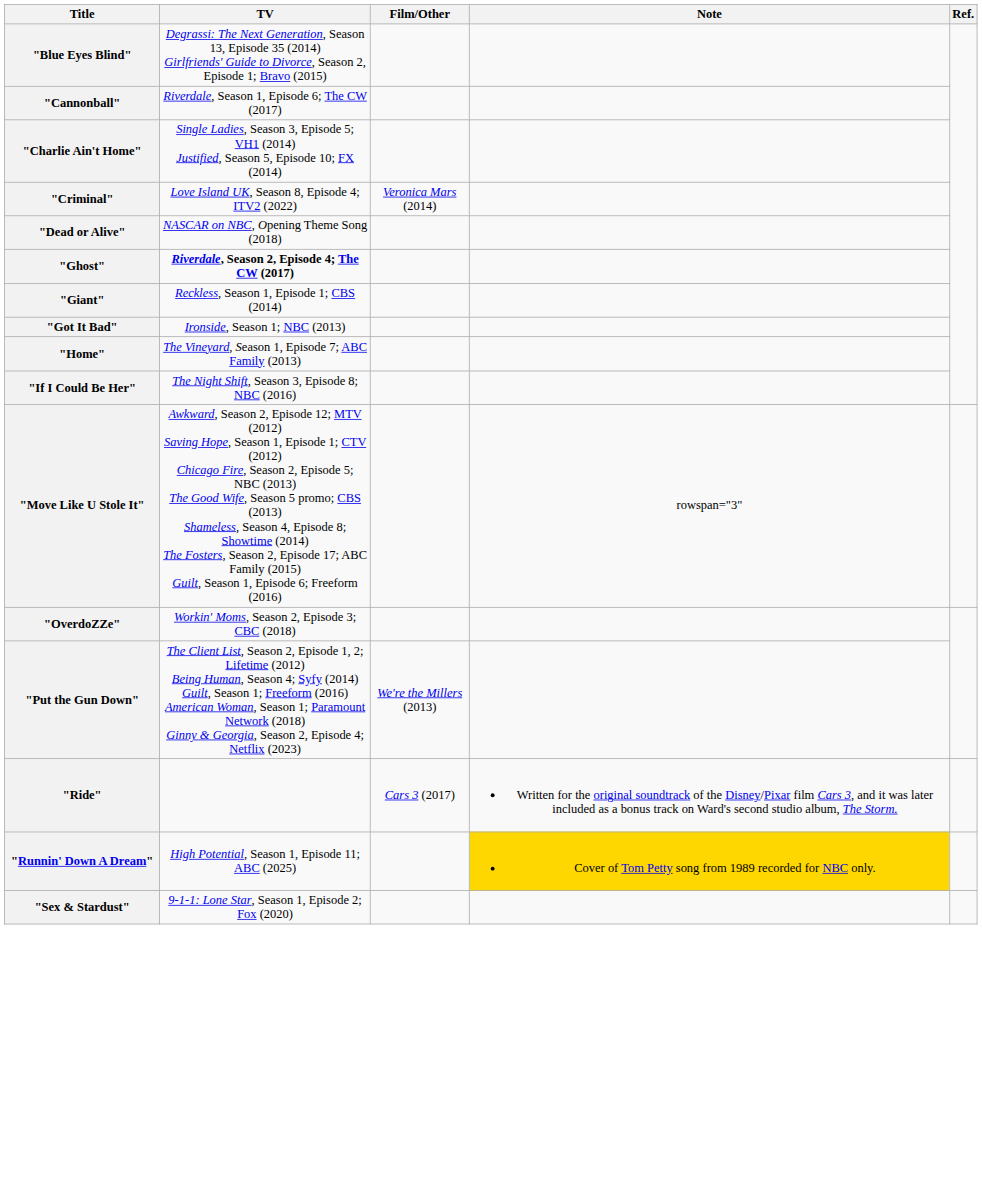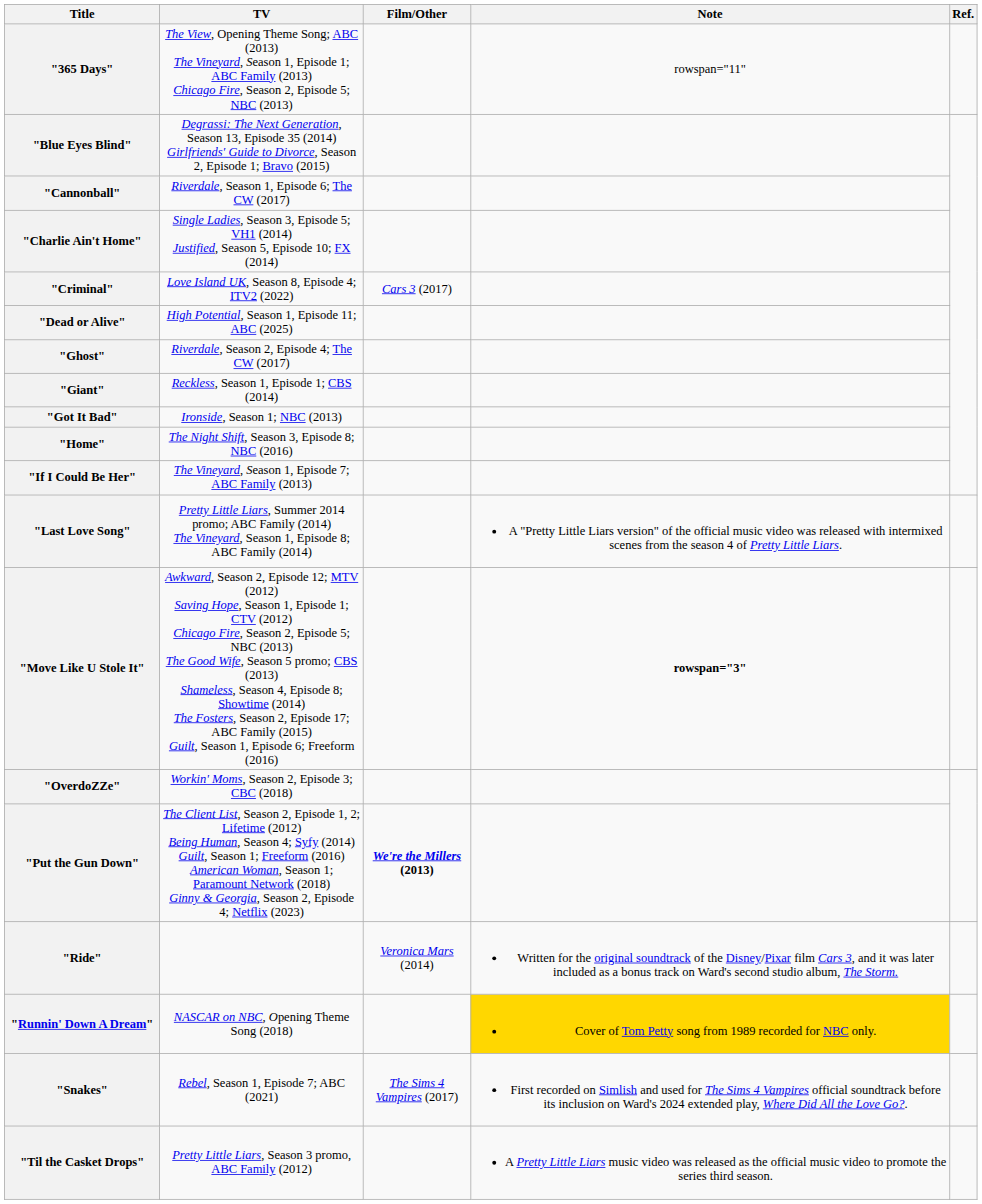 <table class="wikitable plainrowheaders" style="text-align:center;">
 <tr>
 <th scope="col" style="width:12em;">Title</th>
 <th>TV</th>
 <th>Film/Other</th>
 <th>Note</th>
 <th>Ref.</th>
+</tr>
+<tr>
+<th scope="row">"365 Days"</th>
+<td><em><a href='#'>The View</a></em>, Opening Theme Song; <a href='#'>ABC</a> (2013)<br><em><a href='#'>The Vineyard</a></em>, <em>S</em>eason 1, Episode 1; <a href='#'>ABC Family</a> (2013)<br><a href='#'><em>Chicago Fire</em></a>, Season 2, Episode 5; <a href='#'>NBC</a> (2013)</td>
+<td></td>
+<td>rowspan="11" </td>
+<td></td>
 </tr>
 <tr>
 <th scope="row">"Blue Eyes Blind"</th>
 <td><em><a href='#'>Degrassi: The Next Generation</a></em>, Season 13, Episode 35 (2014)<br><em><a href='#'>Girlfriends' Guide to Divorce</a></em>, Season 2, Episode 1; <a href='#'>Bravo</a> (2015)</td>
 <td></td>
 <td></td>
 </tr>
 <tr>
 <th scope="row">"Cannonball"</th>
 <td><em><a href='#'>Riverdale</a></em>, Season 1, Episode 6; <a href='#'>The CW</a> (2017)</td>
 <td></td>
 <td></td>
 </tr>
 <tr>
 <th scope="row">"Charlie Ain't Home"</th>
 <td><em><a href='#'>Single Ladies</a>,</em> Season 3, Episode 5; <a href='#'>VH1</a> (2014)<br><em><a href='#'>Justified</a></em>, Season 5, Episode 10; <a href='#'>FX</a> (2014)</td>
 <td></td>
 <td></td>
 </tr>
 <tr>
 <th scope="row">"Criminal"</th>
 <td><a href='#'><em>Love Island UK</em></a>, Season 8, Episode 4; <a href='#'>ITV2</a> (2022)</td>
-<td><em><a href='#'>Veronica Mars</a></em> (2014)</td>
+<td><em><a href='#'>Cars 3</a></em> (2017)</td>
 <td></td>
 </tr>
 <tr>
 <th scope="row">"Dead or Alive"</th>
-<td><em><a href='#'>NASCAR on NBC</a>, O</em>pening Theme Song (2018)</td>
+<td><em><a href='#'>High Potential</a>,</em> Season 1, Episode 11; <a href='#'>ABC</a> (2025)</td>
 <td></td>
 <td></td>
 </tr>
 <tr>
 <th scope="row">"Ghost"</th>
-<td><strong><a href='#'><em>Riverdale</em></a>, Season 2, Episode 4; <a href='#'>The CW</a> (2017)</strong></td>
+<td><a href='#'><em>Riverdale</em></a>, Season 2, Episode 4; <a href='#'>The CW</a> (2017)</td>
 <td></td>
 <td></td>
 </tr>
 <tr>
 <th scope="row">"Giant"</th>
 <td><em><a href='#'>Reckless</a></em>, Season 1, Episode 1; <a href='#'>CBS</a> (2014)</td>
 <td></td>
 <td></td>
 </tr>
 <tr>
 <th scope="row">"Got It Bad"</th>
 <td><em><a href='#'>Ironside</a></em>, Season 1; <a href='#'>NBC</a> (2013)</td>
 <td></td>
 <td></td>
 </tr>
 <tr>
 <th scope="row">"Home"</th>
+<td><a href='#'><em>The Night Shift</em></a>, Season 3, Episode 8; <a href='#'>NBC</a> (2016)</td>
+<td></td>
+<td></td>
+</tr>
+<tr>
+<th scope="row">"If I Could Be Her"</th>
 <td><em><a href='#'>The Vineyard</a></em>, <em>S</em>eason 1, Episode 7; <a href='#'>ABC Family</a> (2013)</td>
 <td></td>
 <td></td>
 </tr>
 <tr>
-<th scope="row">"If I Could Be Her"</th>
-<td><a href='#'><em>The Night Shift</em></a>, Season 3, Episode 8; <a href='#'>NBC</a> (2016)</td>
+<th scope="row">"Last Love Song"</th>
+<td><em><a href='#'>Pretty Little Liars</a></em>, Summer 2014 promo; ABC Family (2014)<br><em><a href='#'>The Vineyard</a></em>, Season 1, Episode 8; ABC Family (2014)</td>
 <td></td>
+<td><br><ul><li>A "Pretty Little Liars version" of the official music video was released with intermixed scenes from the season 4 of <em><a href='#'>Pretty Little Liars</a></em>.</li></ul></td>
 <td></td>
 </tr>
 <tr>
 <th scope="row">"Move Like U Stole It"</th>
 <td><em><a href='#'>Awkward</a></em>, Season 2, Episode 12; <a href='#'>MTV</a> (2012)<br><em><a href='#'>Saving Hope</a></em>, Season 1, Episode 1; <a href='#'>CTV</a> (2012)<br><a href='#'><em>Chicago Fire</em></a>, Season 2, Episode 5; NBC (2013)<br><em><a href='#'>The Good Wife</a></em>, Season 5 promo; <a href='#'>CBS</a> (2013)<br><em><a href='#'>Shameless</a></em>, Season 4, Episode 8; <a href='#'>Showtime</a> (2014)<br><a href='#'><em>The Fosters</em></a>, Season 2, Episode 17; ABC Family (2015)<br><a href='#'><em>Guilt</em></a>, Season 1, Episode 6; Freeform (2016)</td>
 <td></td>
-<td>rowspan="3" </td>
+<td><strong>rowspan="3" </strong></td>
 <td></td>
 </tr>
 <tr>
 <th scope="row">"OverdoZZe"</th>
 <td><em><a href='#'>Workin' Moms</a></em>, Season 2, Episode 3; <a href='#'>CBC</a> (2018)</td>
 <td></td>
 <td></td>
 </tr>
 <tr>
 <th scope="row">"Put the Gun Down"</th>
 <td><a href='#'><em>The Client List</em></a>, Season 2, Episode 1, 2; <a href='#'>Lifetime</a> (2012)<br><em><a href='#'>Being Human</a></em>, Season 4; <a href='#'>Syfy</a> (2014)<br><a href='#'><em>Guilt</em></a>, Season 1; <a href='#'>Freeform</a> (2016)<br><a href='#'><em>American Woman</em></a>, Season 1; <a href='#'>Paramount Network</a> (2018)<br><em><a href='#'>Ginny & Georgia</a></em>, Season 2, Episode 4; <a href='#'>Netflix</a> (2023)</td>
-<td><em><a href='#'>We're the Millers</a></em> (2013)</td>
+<td><strong><em><a href='#'>We're the Millers</a></em> (2013)</strong></td>
 <td></td>
 </tr>
 <tr>
 <th scope="row">"Ride"</th>
 <td></td>
-<td><em><a href='#'>Cars 3</a></em> (2017)</td>
+<td><em><a href='#'>Veronica Mars</a></em> (2014)</td>
 <td><br><ul><li>Written for the <a href='#'>original soundtrack</a> of the <a href='#'>Disney</a>/<a href='#'>Pixar</a> film <em><a href='#'>Cars 3</a></em>, and it was later included as a bonus track on Ward's second studio album, <a href='#'><em>The Storm.</em></a></li></ul></td>
 <td></td>
 </tr>
 <tr>
 <th scope="row">"<a href='#'>Runnin' Down A Dream</a>"</th>
-<td><em><a href='#'>High Potential</a>,</em> Season 1, Episode 11; <a href='#'>ABC</a> (2025)</td>
+<td><em><a href='#'>NASCAR on NBC</a>, O</em>pening Theme Song (2018)</td>
 <td></td>
 <td style="background: gold;"><br><ul><li>Cover of <a href='#'>Tom Petty</a> song from 1989 recorded for <a href='#'>NBC</a> only.</li></ul></td>
 <td></td>
 </tr>
 <tr>
-<th scope="row">"Sex & Stardust"</th>
-<td><em><a href='#'>9-1-1: Lone Star</a></em>, Season 1, Episode 2; <a href='#'>Fox</a> (2020)</td>
+<th scope="row">"Snakes"</th>
+<td><a href='#'><em>Rebel</em></a>, Season 1, Episode 7; ABC (2021)</td>
+<td><em><a href='#'>The Sims 4 Vampires</a></em> (2017)</td>
+<td><br><ul><li>First recorded on <a href='#'>Simlish</a> and used for <em><a href='#'>The Sims 4 Vampires</a></em> official soundtrack before its inclusion on Ward's 2024 extended play, <em><a href='#'>Where Did All the Love Go?</a></em>.</li></ul></td>
 <td></td>
+</tr>
+<tr>
+<th scope="row">"Til the Casket Drops"</th>
+<td><em><a href='#'>Pretty Little Liars</a></em>, Season 3 promo, <a href='#'>ABC Family</a> (2012)</td>
 <td></td>
+<td><br><ul><li>A <em><a href='#'>Pretty Little Liars</a></em> music video was released as the official music video to promote the series third season.</li></ul></td>
 <td></td>
 </tr>
 </table>
